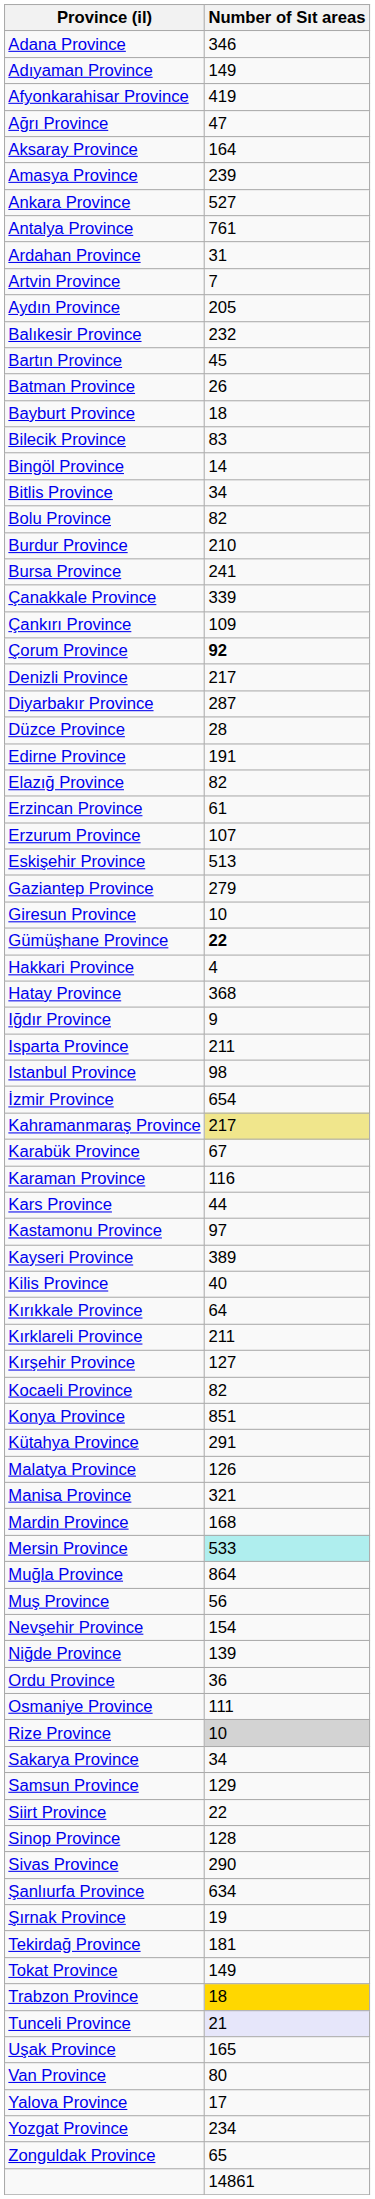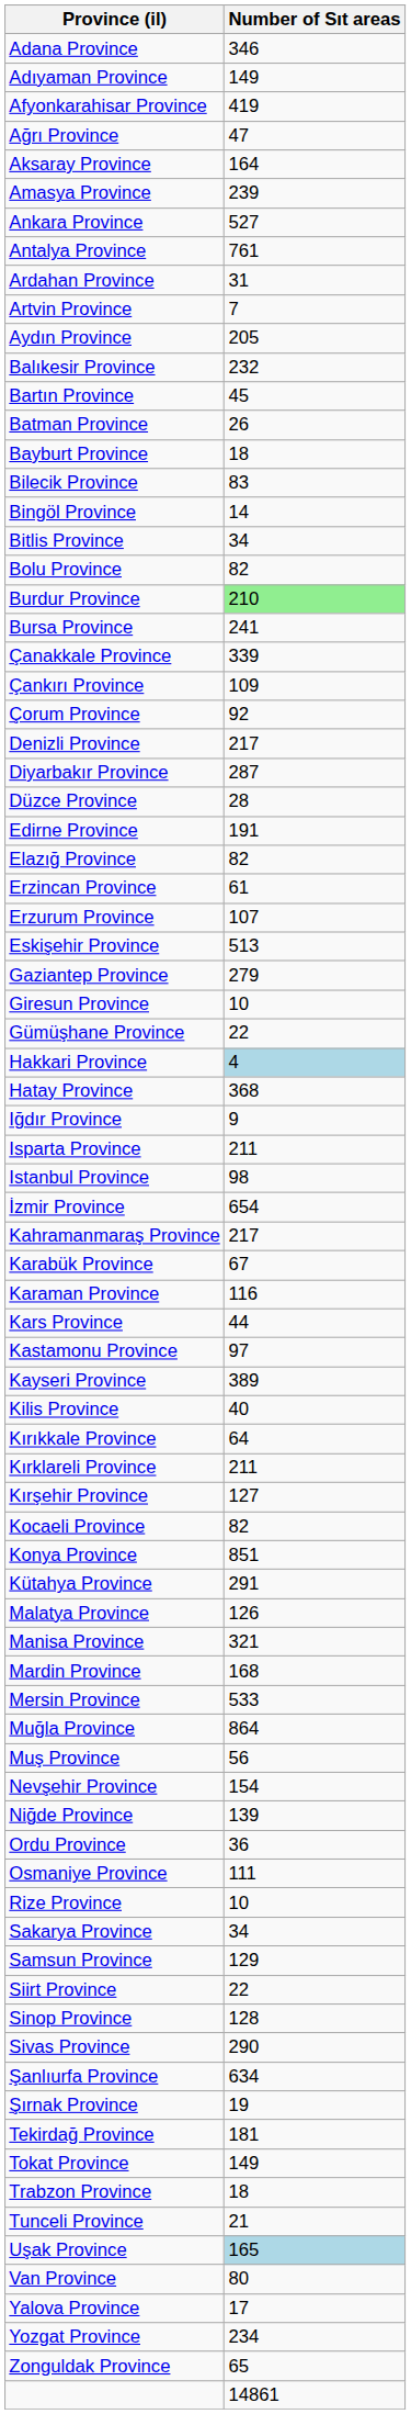 <table class="sortable wikitable">
 <tr>
 <th>Province (il)</th>
 <th>Number of Sıt areas</th>
 </tr>
 <tr>
 <td><a href='#'>Adana Province</a></td>
 <td>346</td>
 </tr>
 <tr>
 <td><a href='#'>Adıyaman Province</a></td>
 <td>149</td>
 </tr>
 <tr>
 <td><a href='#'>Afyonkarahisar Province</a></td>
 <td>419</td>
 </tr>
 <tr>
 <td><a href='#'>Ağrı Province</a></td>
 <td>47</td>
 </tr>
 <tr>
 <td><a href='#'>Aksaray Province</a></td>
 <td>164</td>
 </tr>
 <tr>
 <td><a href='#'>Amasya Province</a></td>
 <td>239</td>
 </tr>
 <tr>
 <td><a href='#'>Ankara Province</a></td>
 <td>527</td>
 </tr>
 <tr>
 <td><a href='#'>Antalya Province</a></td>
 <td>761</td>
 </tr>
 <tr>
 <td><a href='#'>Ardahan Province</a></td>
 <td>31</td>
 </tr>
 <tr>
 <td><a href='#'>Artvin Province</a></td>
 <td>7</td>
 </tr>
 <tr>
 <td><a href='#'>Aydın Province</a></td>
 <td>205</td>
 </tr>
 <tr>
 <td><a href='#'>Balıkesir Province</a></td>
 <td>232</td>
 </tr>
 <tr>
 <td><a href='#'>Bartın Province</a></td>
 <td>45</td>
 </tr>
 <tr>
 <td><a href='#'>Batman Province</a></td>
 <td>26</td>
 </tr>
 <tr>
 <td><a href='#'>Bayburt Province</a></td>
 <td>18</td>
 </tr>
 <tr>
 <td><a href='#'>Bilecik Province</a></td>
 <td>83</td>
 </tr>
 <tr>
 <td><a href='#'>Bingöl Province</a></td>
 <td>14</td>
 </tr>
 <tr>
 <td><a href='#'>Bitlis Province</a></td>
 <td>34</td>
 </tr>
 <tr>
 <td><a href='#'>Bolu Province</a></td>
 <td>82</td>
 </tr>
 <tr>
 <td><a href='#'>Burdur Province</a></td>
-<td>210</td>
+<td style="background: lightgreen;">210</td>
 </tr>
 <tr>
 <td><a href='#'>Bursa Province</a></td>
 <td>241</td>
 </tr>
 <tr>
 <td><a href='#'>Çanakkale Province</a></td>
 <td>339</td>
 </tr>
 <tr>
 <td><a href='#'>Çankırı Province</a></td>
 <td>109</td>
 </tr>
 <tr>
 <td><a href='#'>Çorum Province</a></td>
-<td><strong>92</strong></td>
+<td>92</td>
 </tr>
 <tr>
 <td><a href='#'>Denizli Province</a></td>
 <td>217</td>
 </tr>
 <tr>
 <td><a href='#'>Diyarbakır Province</a></td>
 <td>287</td>
 </tr>
 <tr>
 <td><a href='#'>Düzce Province</a></td>
 <td>28</td>
 </tr>
 <tr>
 <td><a href='#'>Edirne Province</a></td>
 <td>191</td>
 </tr>
 <tr>
 <td><a href='#'>Elazığ Province</a></td>
 <td>82</td>
 </tr>
 <tr>
 <td><a href='#'>Erzincan Province</a></td>
 <td>61</td>
 </tr>
 <tr>
 <td><a href='#'>Erzurum Province</a></td>
 <td>107</td>
 </tr>
 <tr>
 <td><a href='#'>Eskişehir Province</a></td>
 <td>513</td>
 </tr>
 <tr>
 <td><a href='#'>Gaziantep Province</a></td>
 <td>279</td>
 </tr>
 <tr>
 <td><a href='#'>Giresun Province</a></td>
 <td>10</td>
 </tr>
 <tr>
 <td><a href='#'>Gümüşhane Province</a></td>
-<td><strong>22</strong></td>
+<td>22</td>
 </tr>
 <tr>
 <td><a href='#'>Hakkari Province</a></td>
-<td>4</td>
+<td style="background: lightblue;">4</td>
 </tr>
 <tr>
 <td><a href='#'>Hatay Province</a></td>
 <td>368</td>
 </tr>
 <tr>
 <td><a href='#'>Iğdır Province</a></td>
 <td>9</td>
 </tr>
 <tr>
 <td><a href='#'>Isparta Province</a></td>
 <td>211</td>
 </tr>
 <tr>
 <td><a href='#'>Istanbul Province</a></td>
 <td>98</td>
 </tr>
 <tr>
 <td><a href='#'>İzmir Province</a></td>
 <td>654</td>
 </tr>
 <tr>
 <td><a href='#'>Kahramanmaraş Province</a></td>
-<td style="background: khaki;">217</td>
+<td>217</td>
 </tr>
 <tr>
 <td><a href='#'>Karabük Province</a></td>
 <td>67</td>
 </tr>
 <tr>
 <td><a href='#'>Karaman Province</a></td>
 <td>116</td>
 </tr>
 <tr>
 <td><a href='#'>Kars Province</a></td>
 <td>44</td>
 </tr>
 <tr>
 <td><a href='#'>Kastamonu Province</a></td>
 <td>97</td>
 </tr>
 <tr>
 <td><a href='#'>Kayseri Province</a></td>
 <td>389</td>
 </tr>
 <tr>
 <td><a href='#'>Kilis Province</a></td>
 <td>40</td>
 </tr>
 <tr>
 <td><a href='#'>Kırıkkale Province</a></td>
 <td>64</td>
 </tr>
 <tr>
 <td><a href='#'>Kırklareli Province</a></td>
 <td>211</td>
 </tr>
 <tr>
 <td><a href='#'>Kırşehir Province</a></td>
 <td>127</td>
 </tr>
 <tr>
 <td><a href='#'>Kocaeli Province</a></td>
 <td>82</td>
 </tr>
 <tr>
 <td><a href='#'>Konya Province</a></td>
 <td>851</td>
 </tr>
 <tr>
 <td><a href='#'>Kütahya Province</a></td>
 <td>291</td>
 </tr>
 <tr>
 <td><a href='#'>Malatya Province</a></td>
 <td>126</td>
 </tr>
 <tr>
 <td><a href='#'>Manisa Province</a></td>
 <td>321</td>
 </tr>
 <tr>
 <td><a href='#'>Mardin Province</a></td>
 <td>168</td>
 </tr>
 <tr>
 <td><a href='#'>Mersin Province</a></td>
-<td style="background: paleturquoise;">533</td>
+<td>533</td>
 </tr>
 <tr>
 <td><a href='#'>Muğla Province</a></td>
 <td>864</td>
 </tr>
 <tr>
 <td><a href='#'>Muş Province</a></td>
 <td>56</td>
 </tr>
 <tr>
 <td><a href='#'>Nevşehir Province</a></td>
 <td>154</td>
 </tr>
 <tr>
 <td><a href='#'>Niğde Province</a></td>
 <td>139</td>
 </tr>
 <tr>
 <td><a href='#'>Ordu Province</a></td>
 <td>36</td>
 </tr>
 <tr>
 <td><a href='#'>Osmaniye Province</a></td>
 <td>111</td>
 </tr>
 <tr>
 <td><a href='#'>Rize Province</a></td>
-<td style="background: lightgrey;">10</td>
+<td>10</td>
 </tr>
 <tr>
 <td><a href='#'>Sakarya Province</a></td>
 <td>34</td>
 </tr>
 <tr>
 <td><a href='#'>Samsun Province</a></td>
 <td>129</td>
 </tr>
 <tr>
 <td><a href='#'>Siirt Province</a></td>
 <td>22</td>
 </tr>
 <tr>
 <td><a href='#'>Sinop Province</a></td>
 <td>128</td>
 </tr>
 <tr>
 <td><a href='#'>Sivas Province</a></td>
 <td>290</td>
 </tr>
 <tr>
 <td><a href='#'>Şanlıurfa Province</a></td>
 <td>634</td>
 </tr>
 <tr>
 <td><a href='#'>Şırnak Province</a></td>
 <td>19</td>
 </tr>
 <tr>
 <td><a href='#'>Tekirdağ Province</a></td>
 <td>181</td>
 </tr>
 <tr>
 <td><a href='#'>Tokat Province</a></td>
 <td>149</td>
 </tr>
 <tr>
 <td><a href='#'>Trabzon Province</a></td>
-<td style="background: gold;">18</td>
+<td>18</td>
 </tr>
 <tr>
 <td><a href='#'>Tunceli Province</a></td>
-<td style="background: lavender;">21</td>
+<td>21</td>
 </tr>
 <tr>
 <td><a href='#'>Uşak Province</a></td>
-<td>165</td>
+<td style="background: lightblue;">165</td>
 </tr>
 <tr>
 <td><a href='#'>Van Province</a></td>
 <td>80</td>
 </tr>
 <tr>
 <td><a href='#'>Yalova Province</a></td>
 <td>17</td>
 </tr>
 <tr>
 <td><a href='#'>Yozgat Province</a></td>
 <td>234</td>
 </tr>
 <tr>
 <td><a href='#'>Zonguldak Province</a></td>
 <td>65</td>
 </tr>
 <tr>
 <td></td>
 <td>14861</td>
 </tr>
 </table>
